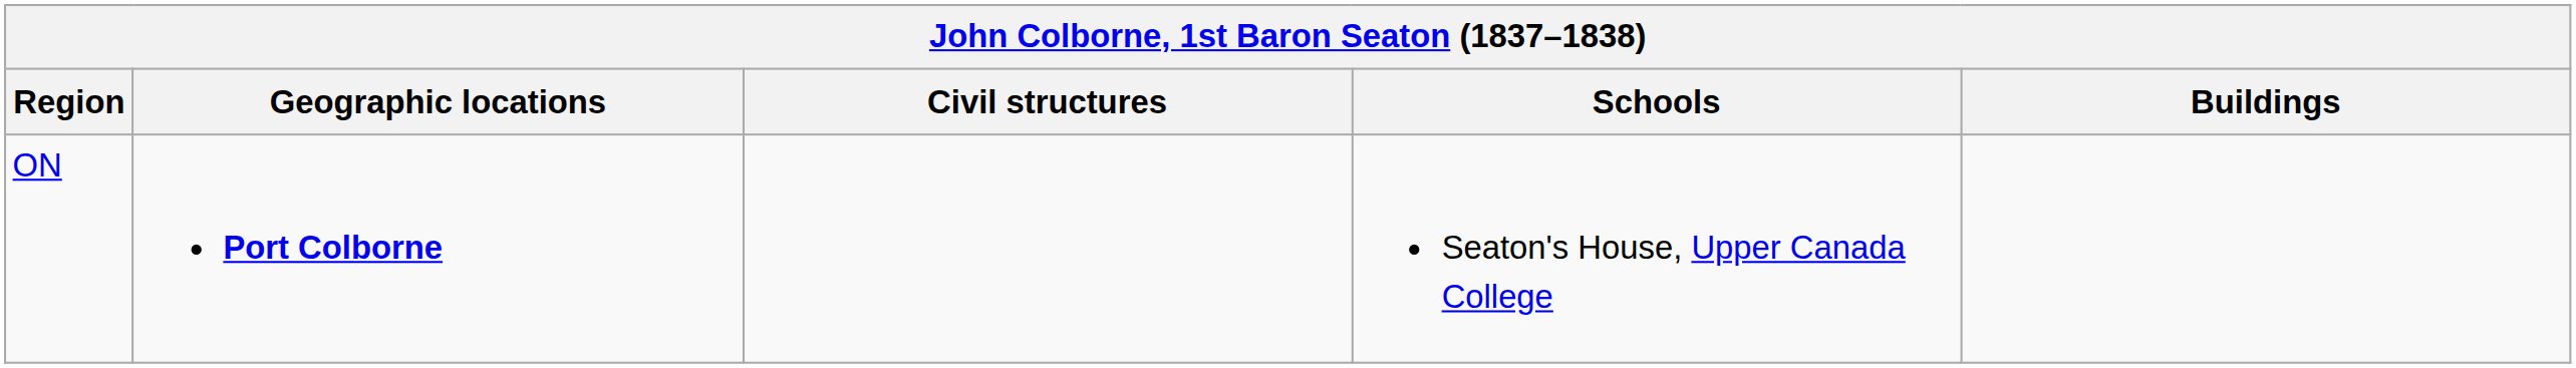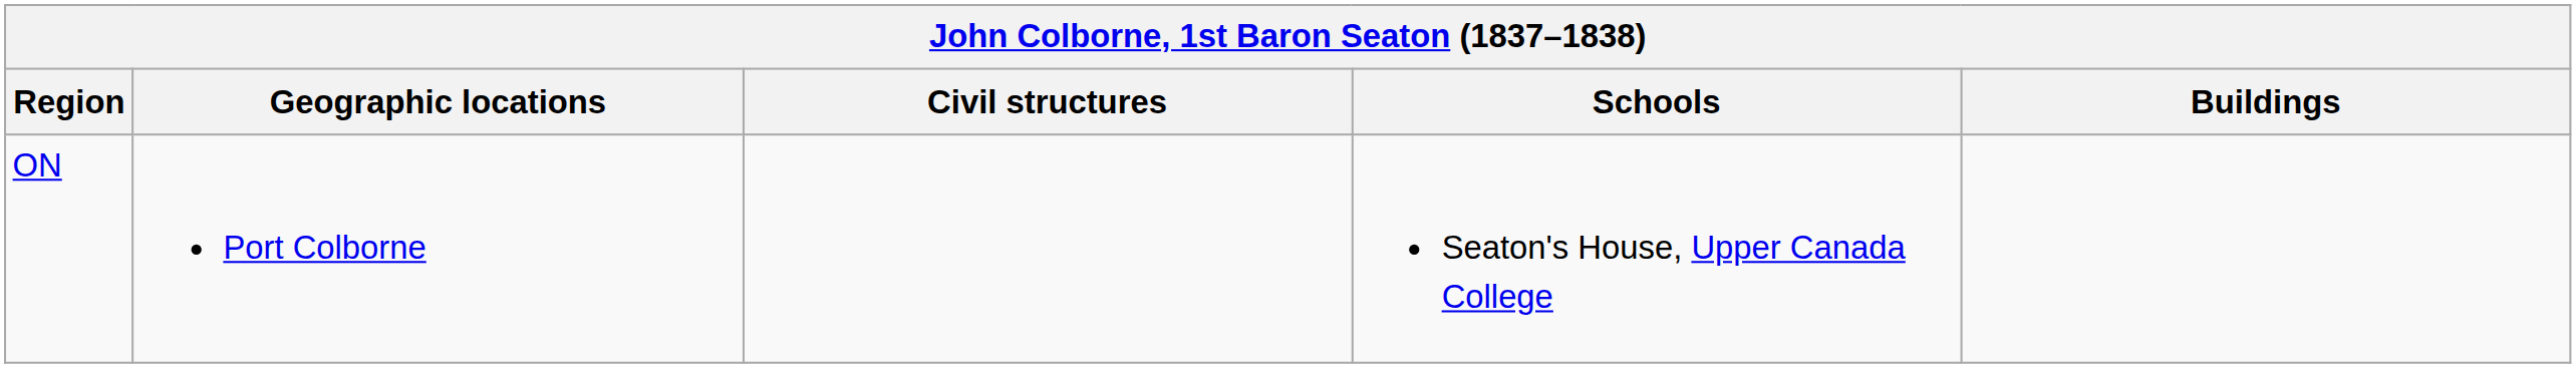 <table class="wikitable sortable" style="font-size:1.00em; line-height:1.5em;">
 <tr>
 <th colspan="5"> <a href='#'>John Colborne, 1st Baron Seaton</a> (1837–1838)</th>
 </tr>
 <tr>
 <th width="5%">Region</th>
 <th width="23.75%">Geographic locations</th>
 <th width="23.75%">Civil structures</th>
 <th width="23.75%">Schools</th>
 <th width="23.75%">Buildings</th>
 </tr>
 <tr>
 <td align=left valign=top> <a href='#'>ON</a></td>
-<td align=left valign=top><strong><br><ul><li><a href='#'>Port Colborne</a></li></ul></strong></td>
+<td align=left valign=top><br><ul><li><a href='#'>Port Colborne</a></li></ul></td>
 <td></td>
 <td align=left valign=top><br><ul><li>Seaton's House, <a href='#'>Upper Canada College</a></li></ul></td>
 <td></td>
 </tr>
 </table>
